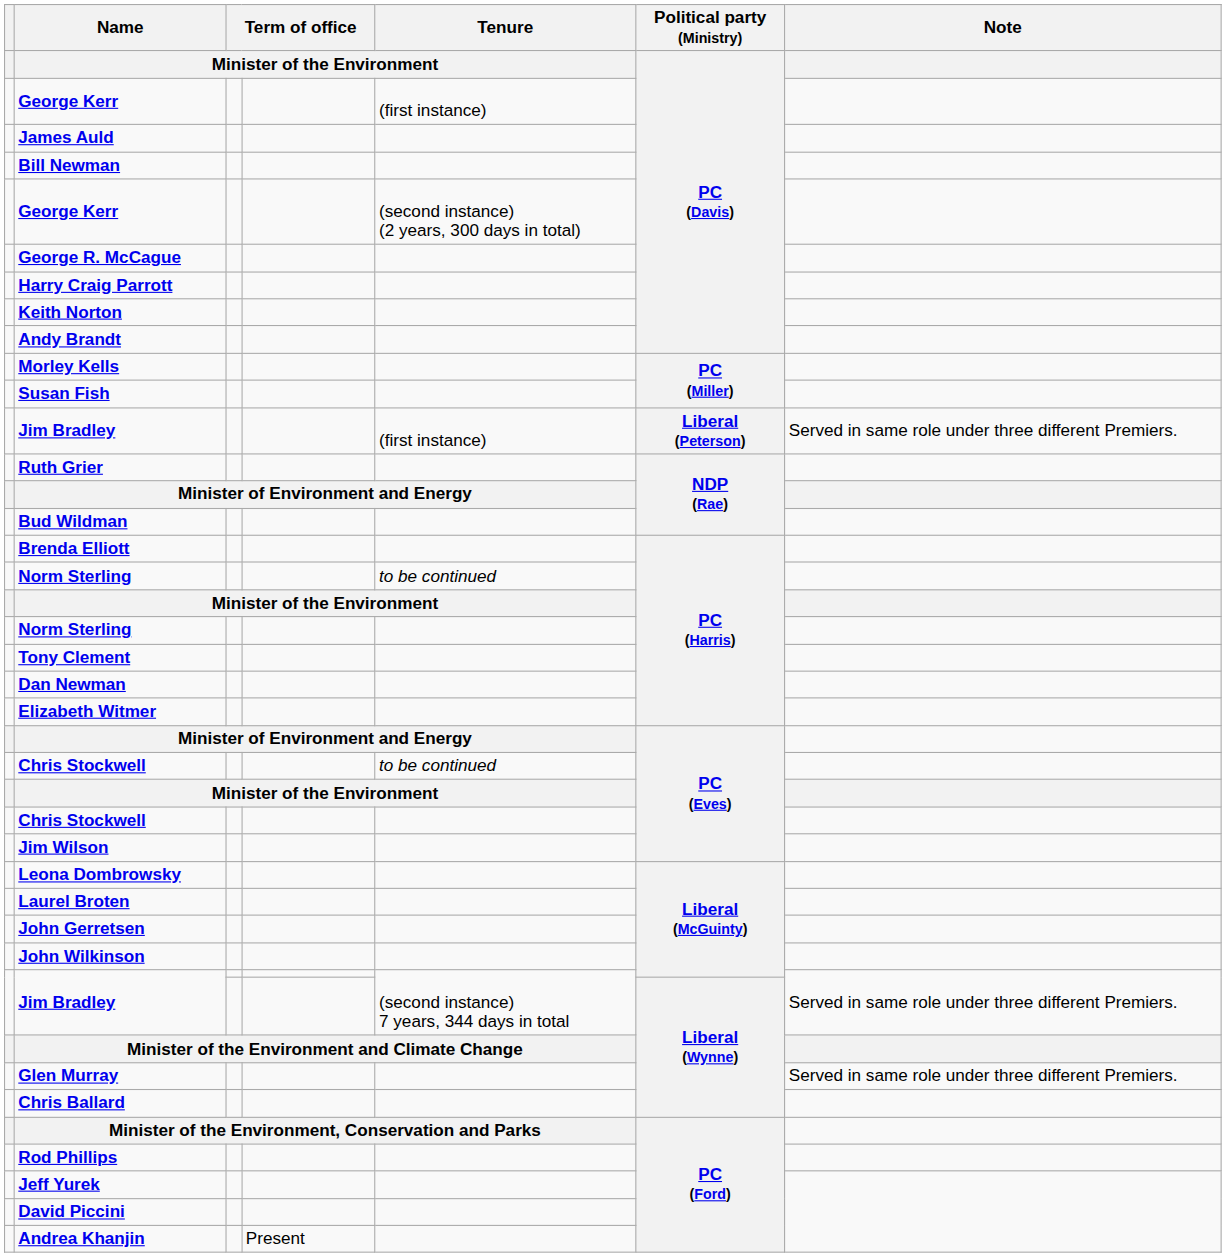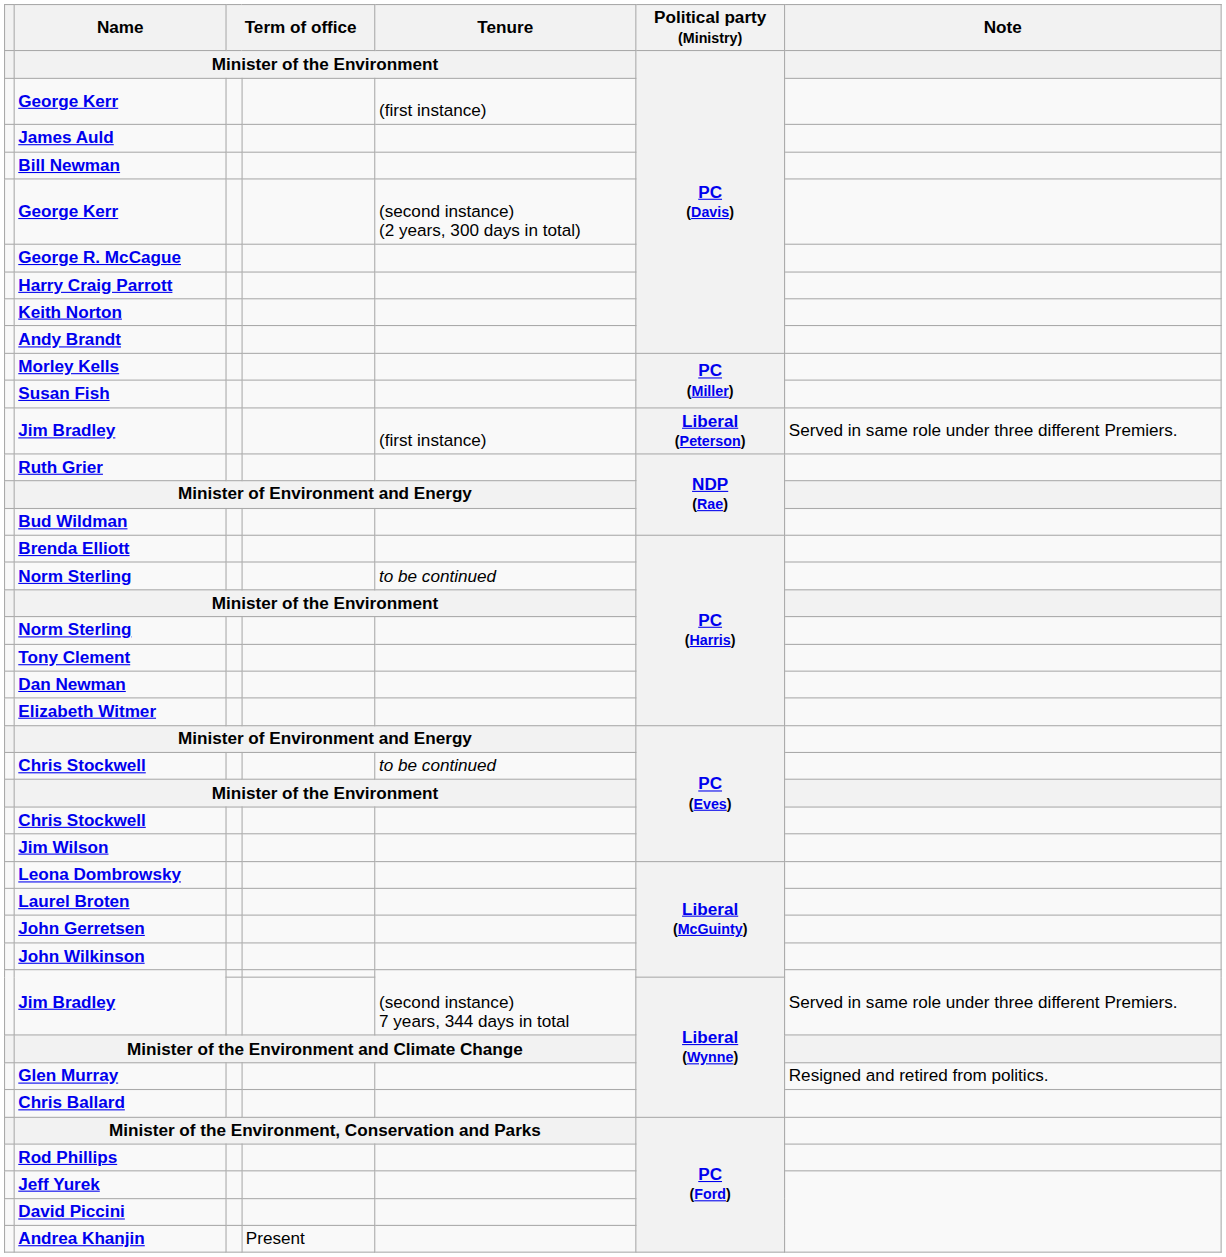 <table class="wikitable" style="width: 90%">
 <tr>
 <th></th>
 <th>Name</th>
 <th colspan=2>Term of office</th>
 <th>Tenure</th>
 <th>Political party<br><small>(Ministry)</small></th>
 <th style="width: 400px;">Note</th>
 </tr>
 <tr>
 <th></th>
 <th colspan=4><strong>Minister of the Environment</strong></th>
 <th rowspan=9; style="background:"><a href='#'>PC</a><br><small>(<a href='#'>Davis</a>)</small></th>
 <th></th>
 </tr>
 <tr>
 <td style="background:"></td>
 <td><strong><a href='#'>George Kerr</a></strong></td>
 <td></td>
 <td></td>
 <td><br>(first instance)</td>
 <td></td>
 </tr>
 <tr>
 <td style="background:"></td>
 <td><strong><a href='#'>James Auld</a></strong></td>
 <td></td>
 <td></td>
 <td></td>
 <td></td>
 </tr>
 <tr>
 <td style="background:"></td>
 <td><strong><a href='#'>Bill Newman</a></strong></td>
 <td></td>
 <td></td>
 <td></td>
 <td></td>
 </tr>
 <tr>
 <td style="background:"></td>
 <td><strong><a href='#'>George Kerr</a></strong></td>
 <td></td>
 <td></td>
 <td><br>(second instance)<br>(2 years, 300 days in total)</td>
 <td></td>
 </tr>
 <tr>
 <td style="background:"></td>
 <td><strong><a href='#'>George R. McCague</a></strong></td>
 <td></td>
 <td></td>
 <td></td>
 <td></td>
 </tr>
 <tr>
 <td style="background:"></td>
 <td><strong><a href='#'>Harry Craig Parrott</a></strong></td>
 <td></td>
 <td></td>
 <td></td>
 <td></td>
 </tr>
 <tr>
 <td style="background:"></td>
 <td><strong><a href='#'>Keith Norton</a></strong></td>
 <td></td>
 <td></td>
 <td></td>
 <td></td>
 </tr>
 <tr>
 <td style="background:"></td>
 <td><strong><a href='#'>Andy Brandt</a></strong></td>
 <td></td>
 <td></td>
 <td></td>
 <td></td>
 </tr>
 <tr>
 <td style="background:"></td>
 <td><strong><a href='#'>Morley Kells</a></strong></td>
 <td></td>
 <td></td>
 <td></td>
 <th rowspan=2; style="background:"><a href='#'>PC</a><br><small>(<a href='#'>Miller</a>)</small></th>
 <td></td>
 </tr>
 <tr>
 <td style="background:"></td>
 <td><strong><a href='#'>Susan Fish</a></strong></td>
 <td></td>
 <td></td>
 <td></td>
 <td></td>
 </tr>
 <tr>
 <td style="background:"></td>
 <td><strong><a href='#'>Jim Bradley</a></strong></td>
 <td></td>
 <td></td>
 <td><br>(first instance)</td>
 <th style="background:"><a href='#'>Liberal</a><br><small>(<a href='#'>Peterson</a>)</small></th>
 <td>Served in same role under three different Premiers.</td>
 </tr>
 <tr>
 <td style="background:"></td>
 <td><strong><a href='#'>Ruth Grier</a></strong></td>
 <td></td>
 <td></td>
 <td></td>
 <th rowspan=3 ; style="background:"><a href='#'>NDP</a><br><small>(<a href='#'>Rae</a>)</small></th>
 <td></td>
 </tr>
 <tr>
 <th></th>
 <th colspan=4><strong>Minister of Environment and Energy</strong></th>
 <th></th>
 </tr>
 <tr>
 <td style="background:"></td>
 <td><strong><a href='#'>Bud Wildman</a></strong></td>
 <td></td>
 <td></td>
 <td></td>
 <td></td>
 </tr>
 <tr>
 <td style="background:"></td>
 <td><strong><a href='#'>Brenda Elliott</a></strong></td>
 <td></td>
 <td></td>
 <td></td>
 <th rowspan=7 ; style="background:"><a href='#'>PC</a><br><small>(<a href='#'>Harris</a>)</small></th>
 <td></td>
 </tr>
 <tr>
 <td style="background:"></td>
 <td><strong><a href='#'>Norm Sterling</a></strong></td>
 <td></td>
 <td></td>
 <td><em>to be continued</em></td>
 <td></td>
 </tr>
 <tr>
 <th></th>
 <th colspan=4><strong>Minister of the Environment</strong></th>
 <th></th>
 </tr>
 <tr>
 <td style="background:"></td>
 <td><strong><a href='#'>Norm Sterling</a></strong></td>
 <td></td>
 <td></td>
 <td></td>
 <td></td>
 </tr>
 <tr>
 <td style="background:"></td>
 <td><strong><a href='#'>Tony Clement</a></strong></td>
 <td></td>
 <td></td>
 <td></td>
 <td></td>
 </tr>
 <tr>
 <td style="background:"></td>
 <td><strong><a href='#'>Dan Newman</a></strong></td>
 <td></td>
 <td></td>
 <td></td>
 <td></td>
 </tr>
 <tr>
 <td style="background:"></td>
 <td><strong><a href='#'>Elizabeth Witmer</a></strong></td>
 <td></td>
 <td></td>
 <td></td>
 <td></td>
 </tr>
 <tr>
 <th></th>
 <th colspan=4><strong>Minister of Environment and Energy</strong></th>
 <th rowspan=5; style="background:"><a href='#'>PC</a><br><small>(<a href='#'>Eves</a>)</small></th>
 <td></td>
 </tr>
 <tr>
 <td style="background:"></td>
 <td><strong><a href='#'>Chris Stockwell</a></strong></td>
 <td></td>
 <td></td>
 <td><em>to be continued</em></td>
 <td></td>
 </tr>
 <tr>
 <th></th>
 <th colspan=4><strong>Minister of the Environment</strong></th>
 <th></th>
 </tr>
 <tr>
 <td style="background:"></td>
 <td><strong><a href='#'>Chris Stockwell</a></strong></td>
 <td></td>
 <td></td>
 <td></td>
 <td></td>
 </tr>
 <tr>
 <td style="background:"></td>
 <td><strong><a href='#'>Jim Wilson</a></strong></td>
 <td></td>
 <td></td>
 <td></td>
 <td></td>
 </tr>
 <tr>
 <td style="background:"></td>
 <td><strong><a href='#'>Leona Dombrowsky</a></strong></td>
 <td></td>
 <td></td>
 <td></td>
 <th rowspan=5; style="background:"><a href='#'>Liberal</a><br><small>(<a href='#'>McGuinty</a>)</small></th>
 <td></td>
 </tr>
 <tr>
 <td style="background:"></td>
 <td><strong><a href='#'>Laurel Broten</a></strong></td>
 <td></td>
 <td></td>
 <td></td>
 <td></td>
 </tr>
 <tr>
 <td style="background:"></td>
 <td><strong><a href='#'>John Gerretsen</a></strong></td>
 <td></td>
 <td></td>
 <td></td>
 <td></td>
 </tr>
 <tr>
 <td style="background:"></td>
 <td><strong><a href='#'>John Wilkinson</a></strong></td>
 <td></td>
 <td></td>
 <td></td>
 <td></td>
 </tr>
 <tr>
 <td rowspan=2; style="background:"></td>
 <td rowspan=2><strong><a href='#'>Jim Bradley</a></strong></td>
 <td></td>
 <td></td>
 <td rowspan=2><br>(second instance)<br>7 years, 344 days in total</td>
 <td rowspan=2>Served in same role under three different Premiers.</td>
 </tr>
 <tr>
 <td></td>
 <td></td>
 <th rowspan=4; style="background:"><a href='#'>Liberal</a><br><small>(<a href='#'>Wynne</a>)</small></th>
 </tr>
 <tr>
 <th></th>
 <th colspan=4><strong>Minister of the Environment and Climate Change</strong></th>
 <th></th>
 </tr>
 <tr>
 <td style="background:"></td>
 <td><strong><a href='#'>Glen Murray</a></strong></td>
 <td></td>
 <td></td>
 <td></td>
-<td>Served in same role under three different Premiers.</td>
+<td>Resigned and retired from politics.</td>
 </tr>
 <tr>
 <td style="background:"></td>
 <td><strong><a href='#'>Chris Ballard</a></strong></td>
 <td></td>
 <td></td>
 <td></td>
 <td></td>
 </tr>
 <tr>
 <th></th>
 <th colspan=4><strong>Minister of the Environment, Conservation and Parks</strong></th>
 <th rowspan=5; style="background:"><a href='#'>PC</a><br><small>(<a href='#'>Ford</a>)</small></th>
 <td></td>
 </tr>
 <tr>
 <td style="background:"></td>
 <td><strong><a href='#'>Rod Phillips</a></strong></td>
 <td></td>
 <td></td>
 <td></td>
 <td></td>
 </tr>
 <tr>
 <td style="background:"></td>
 <td><strong><a href='#'>Jeff Yurek</a></strong></td>
 <td></td>
 <td></td>
 <td></td>
 </tr>
 <tr>
 <td style="background:"></td>
 <td><strong><a href='#'>David Piccini</a></strong></td>
 <td></td>
 <td></td>
 <td></td>
 </tr>
 <tr>
 <td style="background:"></td>
 <td><strong><a href='#'>Andrea Khanjin</a></strong></td>
 <td></td>
 <td>Present</td>
 <td></td>
 </tr>
 </table>
